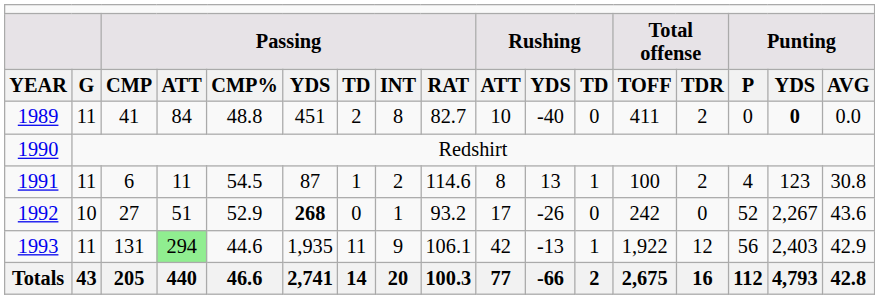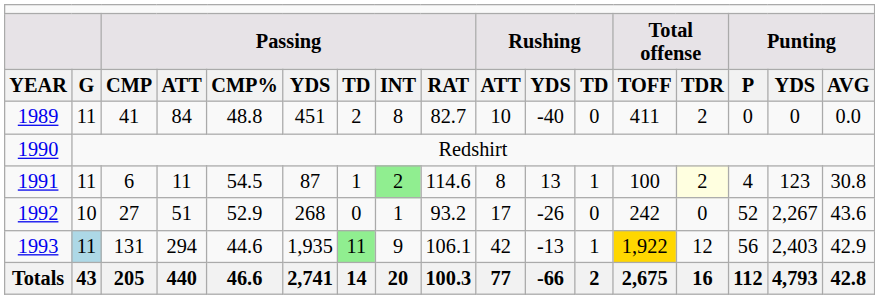 <table class=wikitable style="text-align:center">
 <tr>
 <td ! colspan="17"></td>
 </tr>
 <tr>
 <th colspan="2" style="background:#e7e3e7;"></th>
 <th colspan="7" style="background:#e7e3e7;">Passing</th>
 <th colspan="3" style="background:#e7e3e7;">Rushing</th>
 <th colspan="2" style="background:#e7e3e7;">Total offense</th>
 <th colspan="3" style="background:#e7e3e7;">Punting</th>
 </tr>
 <tr>
 <th>YEAR</th>
 <th>G</th>
 <th>CMP</th>
 <th>ATT</th>
 <th>CMP%</th>
 <th>YDS</th>
 <th>TD</th>
 <th>INT</th>
 <th>RAT</th>
 <th>ATT</th>
 <th>YDS</th>
 <th>TD</th>
 <th>TOFF</th>
 <th>TDR</th>
 <th>P</th>
 <th>YDS</th>
 <th>AVG</th>
 </tr>
 <tr>
 <td><a href='#'>1989</a></td>
 <td>11</td>
 <td>41</td>
 <td>84</td>
 <td>48.8</td>
 <td>451</td>
 <td>2</td>
 <td>8</td>
 <td>82.7</td>
 <td>10</td>
 <td>-40</td>
 <td>0</td>
 <td>411</td>
 <td>2</td>
 <td>0</td>
-<td><strong>0</strong></td>
+<td>0</td>
 <td>0.0</td>
 </tr>
 <tr>
 <td><a href='#'>1990</a></td>
 <td colspan=16>Redshirt</td>
 </tr>
 <tr>
 <td><a href='#'>1991</a></td>
 <td>11</td>
 <td>6</td>
 <td>11</td>
 <td>54.5</td>
 <td>87</td>
 <td>1</td>
-<td>2</td>
+<td style="background: lightgreen;">2</td>
 <td>114.6</td>
 <td>8</td>
 <td>13</td>
 <td>1</td>
 <td>100</td>
-<td>2</td>
+<td style="background: lightyellow;">2</td>
 <td>4</td>
 <td>123</td>
 <td>30.8</td>
 </tr>
 <tr>
 <td><a href='#'>1992</a></td>
 <td>10</td>
 <td>27</td>
 <td>51</td>
 <td>52.9</td>
-<td><strong>268</strong></td>
+<td>268</td>
 <td>0</td>
 <td>1</td>
 <td>93.2</td>
 <td>17</td>
 <td>-26</td>
 <td>0</td>
 <td>242</td>
 <td>0</td>
 <td>52</td>
 <td>2,267</td>
 <td>43.6</td>
 </tr>
 <tr>
 <td><a href='#'>1993</a></td>
-<td>11</td>
+<td style="background: lightblue;">11</td>
 <td>131</td>
-<td style="background: lightgreen;">294</td>
+<td>294</td>
 <td>44.6</td>
 <td>1,935</td>
-<td>11</td>
+<td style="background: lightgreen;">11</td>
 <td>9</td>
 <td>106.1</td>
 <td>42</td>
 <td>-13</td>
 <td>1</td>
-<td>1,922</td>
+<td style="background: gold;">1,922</td>
 <td>12</td>
 <td>56</td>
 <td>2,403</td>
 <td>42.9</td>
 </tr>
 <tr>
 <th>Totals</th>
 <th>43</th>
 <th>205</th>
 <th>440</th>
 <th>46.6</th>
 <th>2,741</th>
 <th>14</th>
 <th>20</th>
 <th>100.3</th>
 <th>77</th>
 <th>-66</th>
 <th>2</th>
 <th>2,675</th>
 <th>16</th>
 <th>112</th>
 <th>4,793</th>
 <th>42.8</th>
 </tr>
 </table>
